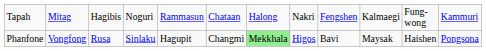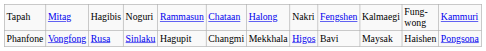 <table class="wikitable">
 <tr>
 <td>Tapah</td>
 <td><a href='#'>Mitag</a></td>
 <td>Hagibis</td>
 <td>Noguri</td>
 <td><a href='#'>Rammasun</a></td>
 <td><a href='#'>Chataan</a></td>
 <td><a href='#'>Halong</a></td>
 <td>Nakri</td>
 <td><a href='#'>Fengshen</a></td>
 <td>Kalmaegi</td>
 <td>Fung-wong</td>
 <td><a href='#'>Kammuri</a></td>
 </tr>
 <tr>
 <td>Phanfone</td>
 <td><a href='#'>Vongfong</a></td>
 <td><a href='#'>Rusa</a></td>
 <td><a href='#'>Sinlaku</a></td>
 <td>Hagupit</td>
 <td>Changmi</td>
-<td style="background: lightgreen;">Mekkhala</td>
+<td>Mekkhala</td>
 <td><a href='#'>Higos</a></td>
 <td>Bavi</td>
 <td>Maysak</td>
 <td>Haishen</td>
 <td><a href='#'>Pongsona</a></td>
 </tr>
 </table>
